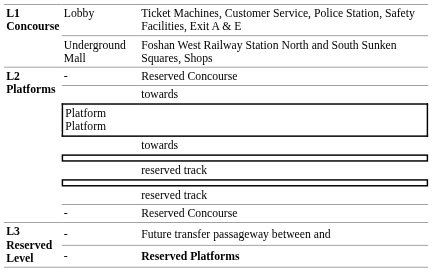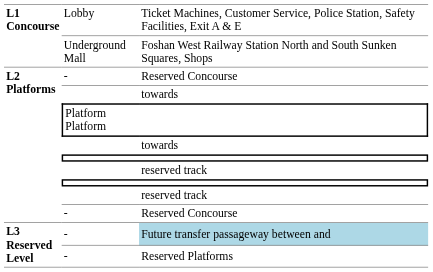 <table border=0 cellspacing=0 cellpadding=3>
 <tr>
 <td style="border-bottom:solid 1px gray; border-top:solid 1px gray;" rowspan=2 width=50 valign=top><strong>L1<br>Concourse</strong></td>
 <td style="border-bottom:solid 1px gray; border-top:solid 1px gray;" width=100 valign=top>Lobby</td>
 <td style="border-bottom:solid 1px gray; border-top:solid 1px gray;" width=390 valign=top>Ticket Machines, Customer Service, Police Station, Safety Facilities, Exit A & E</td>
 </tr>
 <tr>
 <td style="border-bottom:solid 1px gray;" valign=top>Underground Mall</td>
 <td style="border-bottom:solid 1px gray;" valign=top>Foshan West Railway Station North and South Sunken Squares, Shops</td>
 </tr>
 <tr>
 <td style="border-bottom:solid 1px gray;" rowspan=9 valign=top><strong>L2<br>Platforms</strong></td>
 <td style="border-bottom:solid 1px gray;">-</td>
 <td style="border-bottom:solid 1px gray;">Reserved Concourse</td>
 </tr>
 <tr>
 <td></td>
 <td>  towards  </td>
 </tr>
 <tr>
 <td style="border-left:solid 2px black;border-top:solid 2px black;border-bottom:solid 2px black;text-align:left;">Platform <br>Platform </td>
 <td style="border-right:solid 2px black;border-top:solid 2px black;border-bottom:solid 2px black;text-align:center;" colspan=2></td>
 </tr>
 <tr>
 <td></td>
 <td> towards    </td>
 </tr>
 <tr>
 <td style="border-right:solid 2px black;border-left:solid 2px black;border-top:solid 2px black;border-bottom:solid 2px black;text-align:center;" colspan=2></td>
 </tr>
 <tr>
 <td></td>
 <td> reserved track</td>
 </tr>
 <tr>
 <td style="border-right:solid 2px black;border-left:solid 2px black;border-top:solid 2px black;border-bottom:solid 2px black;text-align:center;" colspan=2></td>
 </tr>
 <tr>
 <td style="border-bottom:solid 1px gray;"></td>
 <td style="border-bottom:solid 1px gray;"> reserved track</td>
 </tr>
 <tr>
 <td style="border-bottom:solid 1px gray;">-</td>
 <td style="border-bottom:solid 1px gray;">Reserved Concourse</td>
 </tr>
 <tr>
 <td style="border-bottom:solid 1px gray;" rowspan=2 valign=top><strong>L3<br>Reserved Level</strong></td>
 <td style="border-bottom:solid 1px gray;">-</td>
-<td style="border-bottom:solid 1px gray;">Future transfer passageway between  and </td>
+<td style="background: lightblue; border-bottom:solid 1px gray;">Future transfer passageway between  and </td>
 </tr>
 <tr>
 <td style="border-bottom:solid 1px gray;">-</td>
-<td style="border-bottom:solid 1px gray;"><strong>Reserved Platforms</strong></td>
+<td style="border-bottom:solid 1px gray;">Reserved Platforms</td>
 </tr>
 </table>
